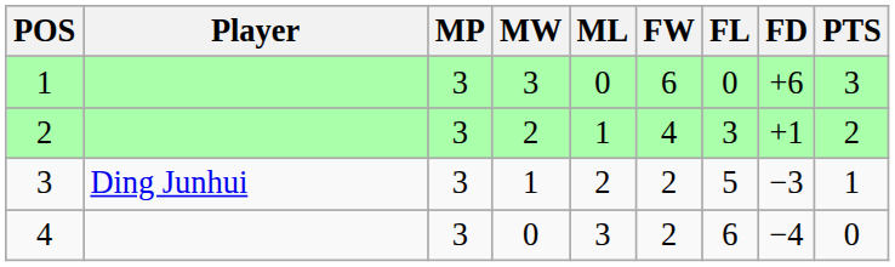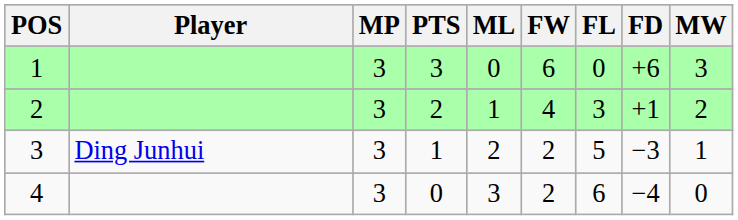 <table class="wikitable" style="text-align: center;">
 <tr>
 <th width=20>POS</th>
 <th width=165>Player</th>
 <th width=20>MP</th>
-<th width=20>MW</th>
+<th width=20>PTS</th>
 <th width=20>ML</th>
 <th width=20>FW</th>
 <th width=20>FL</th>
 <th width=20>FD</th>
-<th width=20>PTS</th>
+<th width=20>MW</th>
 </tr>
 <tr style="background:#aaffaa;">
 <td>1</td>
 <td style="text-align:left;"></td>
 <td>3</td>
 <td>3</td>
 <td>0</td>
 <td>6</td>
 <td>0</td>
 <td>+6</td>
 <td>3</td>
 </tr>
 <tr style="background:#aaffaa;">
 <td>2</td>
 <td style="text-align:left;"></td>
 <td>3</td>
 <td>2</td>
 <td>1</td>
 <td>4</td>
 <td>3</td>
 <td>+1</td>
 <td>2</td>
 </tr>
 <tr>
 <td>3</td>
 <td style="text-align:left;"> <a href='#'>Ding Junhui</a></td>
 <td>3</td>
 <td>1</td>
 <td>2</td>
 <td>2</td>
 <td>5</td>
 <td>−3</td>
 <td>1</td>
 </tr>
 <tr>
 <td>4</td>
 <td style="text-align:left;"></td>
 <td>3</td>
 <td>0</td>
 <td>3</td>
 <td>2</td>
 <td>6</td>
 <td>−4</td>
 <td>0</td>
 </tr>
 </table>
